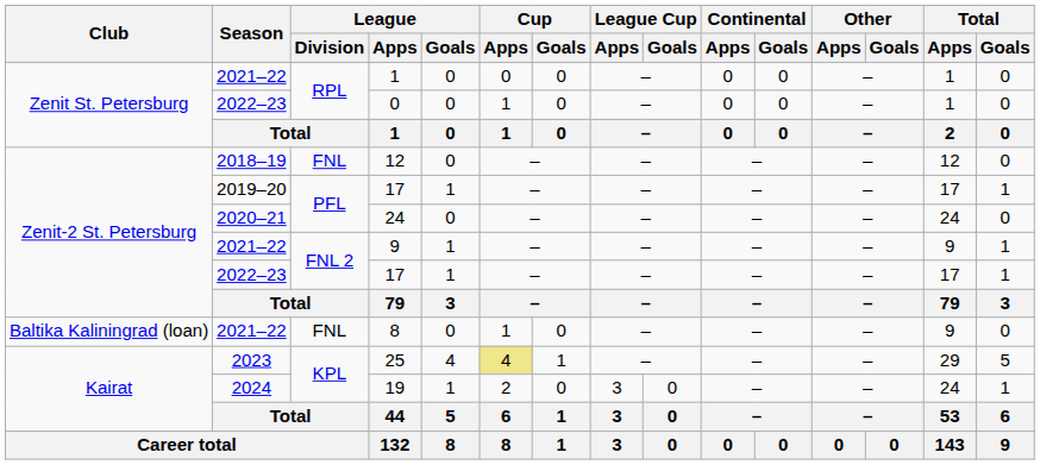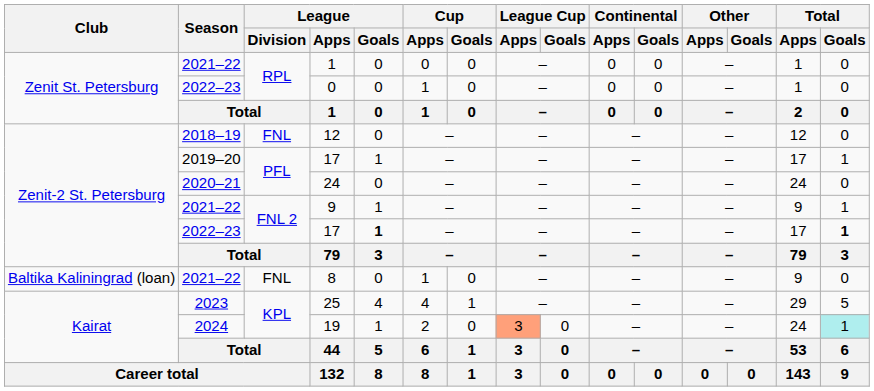 <table class="wikitable" style="text-align: center;">
 <tr>
 <th rowspan=2>Club</th>
 <th rowspan=2>Season</th>
 <th colspan=3>League</th>
 <th colspan=2>Cup</th>
 <th colspan=2>League Cup</th>
 <th colspan=2>Continental</th>
 <th colspan=2>Other</th>
 <th colspan=2>Total</th>
 </tr>
 <tr>
 <th>Division</th>
 <th>Apps</th>
 <th>Goals</th>
 <th>Apps</th>
 <th>Goals</th>
 <th>Apps</th>
 <th>Goals</th>
 <th>Apps</th>
 <th>Goals</th>
 <th>Apps</th>
 <th>Goals</th>
 <th>Apps</th>
 <th>Goals</th>
 </tr>
 <tr>
 <td rowspan="3"><a href='#'>Zenit St. Petersburg</a></td>
 <td><a href='#'>2021–22</a></td>
 <td rowspan="2"><a href='#'>RPL</a></td>
 <td>1</td>
 <td>0</td>
 <td>0</td>
 <td>0</td>
 <td colspan=2>–</td>
 <td>0</td>
 <td>0</td>
 <td colspan=2>–</td>
 <td>1</td>
 <td>0</td>
 </tr>
 <tr>
 <td><a href='#'>2022–23</a></td>
 <td>0</td>
 <td>0</td>
 <td>1</td>
 <td>0</td>
 <td colspan=2>–</td>
 <td>0</td>
 <td>0</td>
 <td colspan=2>–</td>
 <td>1</td>
 <td>0</td>
 </tr>
 <tr>
 <th colspan=2>Total</th>
 <th>1</th>
 <th>0</th>
 <th>1</th>
 <th>0</th>
 <th colspan=2>–</th>
 <th>0</th>
 <th>0</th>
 <th colspan=2>–</th>
 <th>2</th>
 <th>0</th>
 </tr>
 <tr>
 <td rowspan="6"><a href='#'>Zenit-2 St. Petersburg</a></td>
 <td><a href='#'>2018–19</a></td>
 <td><a href='#'>FNL</a></td>
 <td>12</td>
 <td>0</td>
 <td colspan=2>–</td>
 <td colspan=2>–</td>
 <td colspan=2>–</td>
 <td colspan=2>–</td>
 <td>12</td>
 <td>0</td>
 </tr>
 <tr>
 <td>2019–20</td>
 <td rowspan="2"><a href='#'>PFL</a></td>
 <td>17</td>
 <td>1</td>
 <td colspan=2>–</td>
 <td colspan=2>–</td>
 <td colspan=2>–</td>
 <td colspan=2>–</td>
 <td>17</td>
 <td>1</td>
 </tr>
 <tr>
 <td><a href='#'>2020–21</a></td>
 <td>24</td>
 <td>0</td>
 <td colspan=2>–</td>
 <td colspan=2>–</td>
 <td colspan=2>–</td>
 <td colspan=2>–</td>
 <td>24</td>
 <td>0</td>
 </tr>
 <tr>
 <td><a href='#'>2021–22</a></td>
 <td rowspan="2"><a href='#'>FNL 2</a></td>
 <td>9</td>
 <td>1</td>
 <td colspan=2>–</td>
 <td colspan=2>–</td>
 <td colspan=2>–</td>
 <td colspan=2>–</td>
 <td>9</td>
 <td>1</td>
 </tr>
 <tr>
 <td><a href='#'>2022–23</a></td>
 <td>17</td>
-<td>1</td>
+<td><strong>1</strong></td>
 <td colspan=2>–</td>
 <td colspan=2>–</td>
 <td colspan=2>–</td>
 <td colspan=2>–</td>
 <td>17</td>
-<td>1</td>
+<td><strong>1</strong></td>
 </tr>
 <tr>
 <th colspan=2>Total</th>
 <th>79</th>
 <th>3</th>
 <th colspan=2>–</th>
 <th colspan=2>–</th>
 <th colspan=2>–</th>
 <th colspan=2>–</th>
 <th>79</th>
 <th>3</th>
 </tr>
 <tr>
 <td><a href='#'>Baltika Kaliningrad</a> (loan)</td>
 <td><a href='#'>2021–22</a></td>
 <td>FNL</td>
 <td>8</td>
 <td>0</td>
 <td>1</td>
 <td>0</td>
 <td colspan=2>–</td>
 <td colspan=2>–</td>
 <td colspan=2>–</td>
 <td>9</td>
 <td>0</td>
 </tr>
 <tr>
 <td rowspan="3"><a href='#'>Kairat</a></td>
 <td><a href='#'>2023</a></td>
 <td rowspan="2"><a href='#'>KPL</a></td>
 <td>25</td>
 <td>4</td>
-<td style="background: khaki;">4</td>
+<td>4</td>
 <td>1</td>
 <td colspan=2>–</td>
 <td colspan=2>–</td>
 <td colspan=2>–</td>
 <td>29</td>
 <td>5</td>
 </tr>
 <tr>
 <td><a href='#'>2024</a></td>
 <td>19</td>
 <td>1</td>
 <td>2</td>
 <td>0</td>
-<td>3</td>
+<td style="background: lightsalmon;">3</td>
 <td>0</td>
 <td colspan=2>–</td>
 <td colspan=2>–</td>
 <td>24</td>
-<td>1</td>
+<td style="background: paleturquoise;">1</td>
 </tr>
 <tr>
 <th colspan=2>Total</th>
 <th>44</th>
 <th>5</th>
 <th>6</th>
 <th>1</th>
 <th>3</th>
 <th>0</th>
 <th colspan=2>–</th>
 <th colspan=2>–</th>
 <th>53</th>
 <th>6</th>
 </tr>
 <tr>
 <th colspan=3>Career total</th>
 <th>132</th>
 <th>8</th>
 <th>8</th>
 <th>1</th>
 <th>3</th>
 <th>0</th>
 <th>0</th>
 <th>0</th>
 <th>0</th>
 <th>0</th>
 <th>143</th>
 <th>9</th>
 </tr>
 </table>
